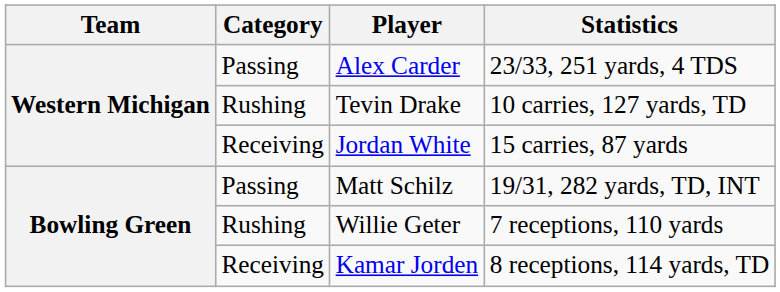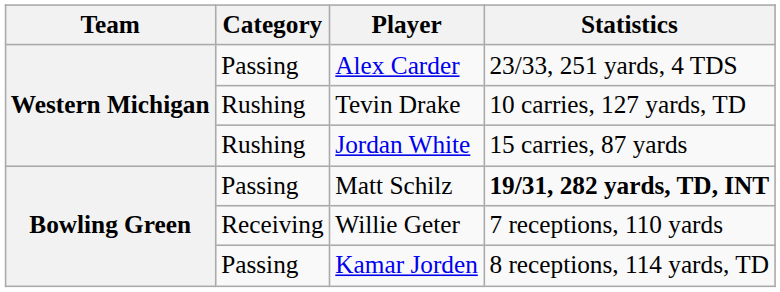 <table class="wikitable" style="float:right">
 <tr>
 <th>Team</th>
 <th>Category</th>
 <th>Player</th>
 <th>Statistics</th>
 </tr>
 <tr>
 <th rowspan=3>Western Michigan</th>
 <td>Passing</td>
 <td><a href='#'>Alex Carder</a></td>
 <td>23/33, 251 yards, 4 TDS</td>
 </tr>
 <tr>
 <td>Rushing</td>
 <td>Tevin Drake</td>
 <td>10 carries, 127 yards, TD</td>
 </tr>
 <tr>
-<td>Receiving</td>
+<td>Rushing</td>
 <td><a href='#'>Jordan White</a></td>
 <td>15 carries, 87 yards</td>
 </tr>
 <tr>
 <th rowspan=3>Bowling Green</th>
 <td>Passing</td>
 <td>Matt Schilz</td>
-<td>19/31, 282 yards, TD, INT</td>
+<td><strong>19/31, 282 yards, TD, INT</strong></td>
 </tr>
 <tr>
-<td>Rushing</td>
+<td>Receiving</td>
 <td>Willie Geter</td>
 <td>7 receptions, 110 yards</td>
 </tr>
 <tr>
-<td>Receiving</td>
+<td>Passing</td>
 <td><a href='#'>Kamar Jorden</a></td>
 <td>8 receptions, 114 yards, TD</td>
 </tr>
 </table>
